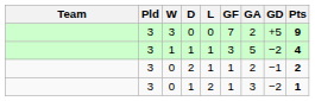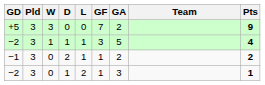 <table class="wikitable" style="text-align:center;">
 <tr>
-<th width=180>Team</th>
+<th width=20>GD</th>
 <th width=20>Pld</th>
 <th width=20>W</th>
 <th width=20>D</th>
 <th width=20>L</th>
 <th width=20>GF</th>
 <th width=20>GA</th>
-<th width=20>GD</th>
+<th width=180>Team</th>
 <th width=20>Pts</th>
 </tr>
 <tr bgcolor="ccffcc">
-<td align="left"></td>
+<td>+5</td>
 <td>3</td>
 <td>3</td>
 <td>0</td>
 <td>0</td>
 <td>7</td>
 <td>2</td>
-<td>+5</td>
+<td align="left"></td>
 <td><strong>9</strong></td>
 </tr>
 <tr bgcolor="ccffcc">
-<td align="left"></td>
+<td>−2</td>
 <td>3</td>
 <td>1</td>
 <td>1</td>
 <td>1</td>
 <td>3</td>
 <td>5</td>
-<td>−2</td>
+<td align="left"></td>
 <td><strong>4</strong></td>
 </tr>
 <tr>
-<td align="left"></td>
+<td>−1</td>
 <td>3</td>
 <td>0</td>
 <td>2</td>
 <td>1</td>
 <td>1</td>
 <td>2</td>
-<td>−1</td>
+<td align="left"></td>
 <td><strong>2</strong></td>
 </tr>
 <tr>
-<td align="left"></td>
+<td>−2</td>
 <td>3</td>
 <td>0</td>
 <td>1</td>
 <td>2</td>
 <td>1</td>
 <td>3</td>
-<td>−2</td>
+<td align="left"></td>
 <td><strong>1</strong></td>
 </tr>
 </table>
